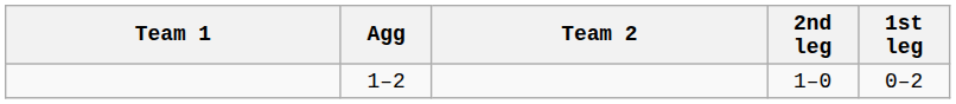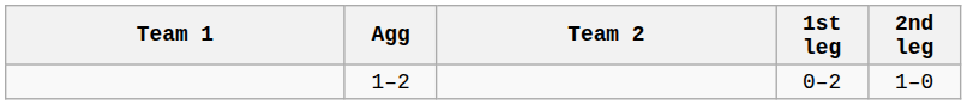 <table class="wikitable" style="text-align:center">
 <tr>
 <th width=200>Team 1</th>
 <th width=50>Agg</th>
 <th width=200>Team 2</th>
+<th width=50>1st leg</th>
 <th width=50>2nd leg</th>
-<th width=50>1st leg</th>
 </tr>
 <tr>
 <td align=right></td>
 <td>1–2</td>
 <td align=left><strong></strong></td>
+<td>0–2</td>
 <td>1–0</td>
-<td>0–2</td>
 </tr>
 </table>
